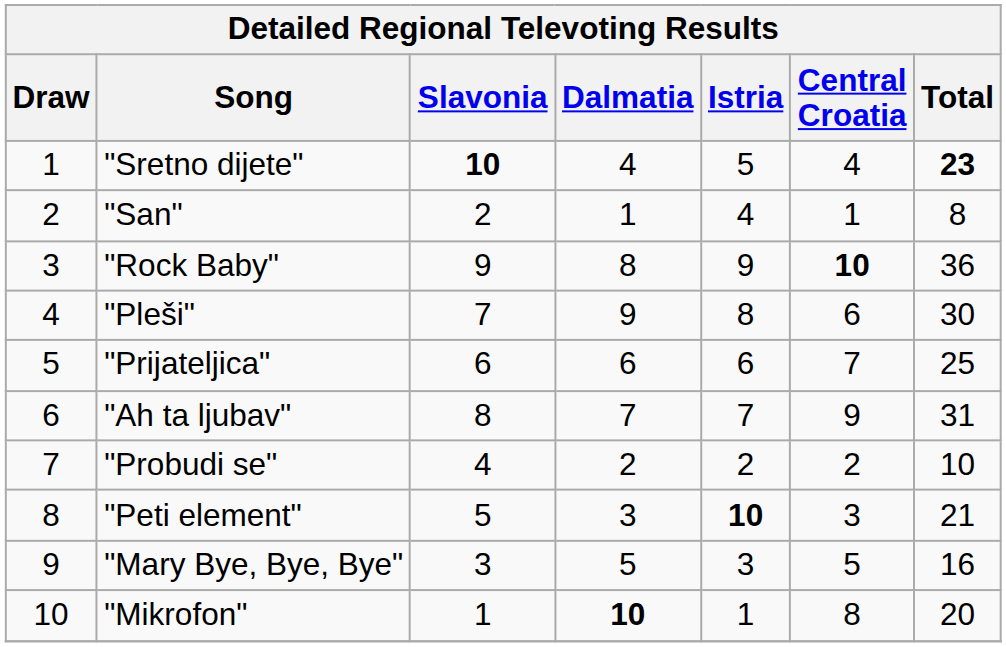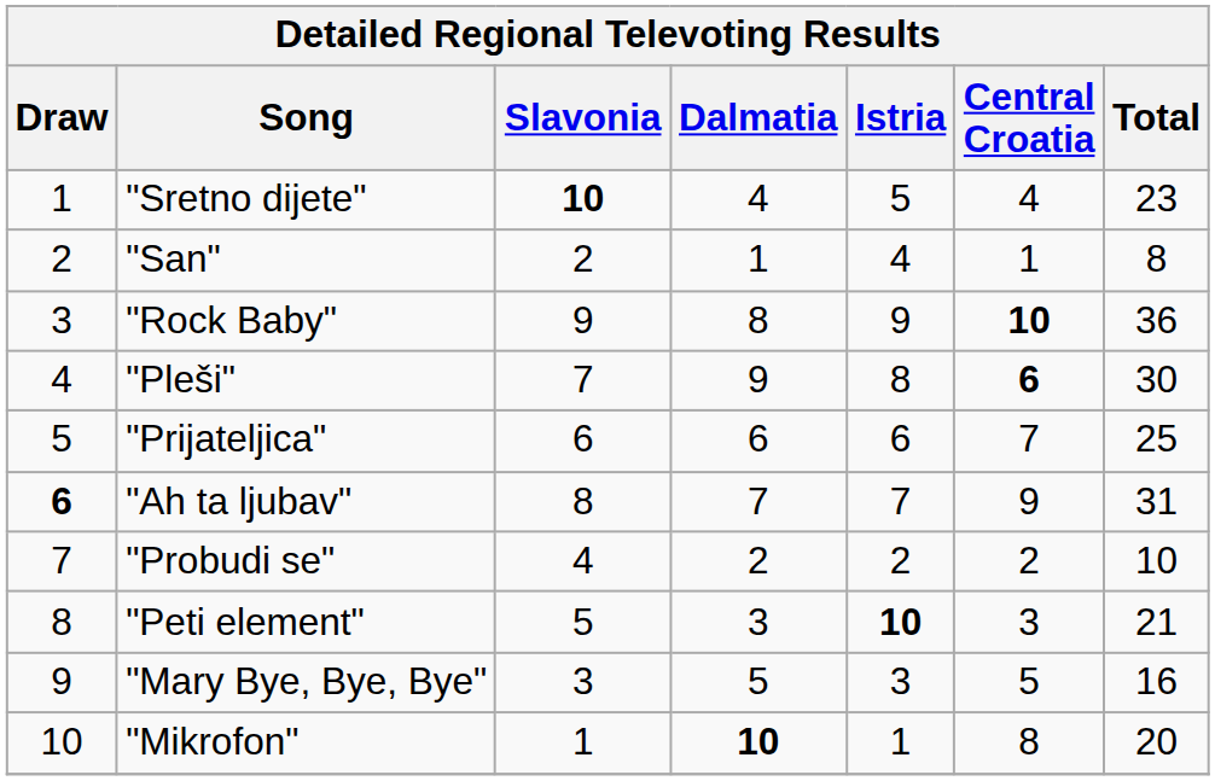 <table class="wikitable collapsible collapsed" style="margin: 1em auto 1em auto; text-align:center;">
 <tr>
 <th colspan="7">Detailed Regional Televoting Results</th>
 </tr>
 <tr>
 <th>Draw</th>
 <th>Song</th>
 <th><a href='#'>Slavonia</a></th>
 <th><a href='#'>Dalmatia</a></th>
 <th><a href='#'>Istria</a></th>
 <th><a href='#'>Central</a><br><a href='#'>Croatia</a></th>
 <th>Total</th>
 </tr>
 <tr>
 <td>1</td>
 <td align="left">"Sretno dijete"</td>
 <td><strong>10</strong></td>
 <td>4</td>
 <td>5</td>
 <td>4</td>
-<td><strong>23</strong></td>
+<td>23</td>
 </tr>
 <tr>
 <td>2</td>
 <td align="left">"San"</td>
 <td>2</td>
 <td>1</td>
 <td>4</td>
 <td>1</td>
 <td>8</td>
 </tr>
 <tr>
 <td>3</td>
 <td align="left">"Rock Baby"</td>
 <td>9</td>
 <td>8</td>
 <td>9</td>
 <td><strong>10</strong></td>
 <td>36</td>
 </tr>
 <tr>
 <td>4</td>
 <td align="left">"Pleši"</td>
 <td>7</td>
 <td>9</td>
 <td>8</td>
-<td>6</td>
+<td><strong>6</strong></td>
 <td>30</td>
 </tr>
 <tr>
 <td>5</td>
 <td align="left">"Prijateljica"</td>
 <td>6</td>
 <td>6</td>
 <td>6</td>
 <td>7</td>
 <td>25</td>
 </tr>
 <tr>
-<td>6</td>
+<td><strong>6</strong></td>
 <td align="left">"Ah ta ljubav"</td>
 <td>8</td>
 <td>7</td>
 <td>7</td>
 <td>9</td>
 <td>31</td>
 </tr>
 <tr>
 <td>7</td>
 <td align="left">"Probudi se"</td>
 <td>4</td>
 <td>2</td>
 <td>2</td>
 <td>2</td>
 <td>10</td>
 </tr>
 <tr>
 <td>8</td>
 <td align="left">"Peti element"</td>
 <td>5</td>
 <td>3</td>
 <td><strong>10</strong></td>
 <td>3</td>
 <td>21</td>
 </tr>
 <tr>
 <td>9</td>
 <td align="left">"Mary Bye, Bye, Bye"</td>
 <td>3</td>
 <td>5</td>
 <td>3</td>
 <td>5</td>
 <td>16</td>
 </tr>
 <tr>
 <td>10</td>
 <td align="left">"Mikrofon"</td>
 <td>1</td>
 <td><strong>10</strong></td>
 <td>1</td>
 <td>8</td>
 <td>20</td>
 </tr>
 <tr>
 </tr>
 </table>
